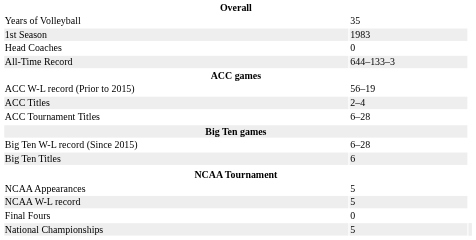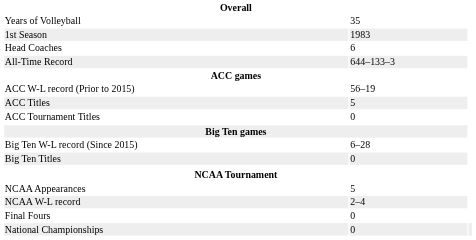 <table width=60% class="toccolours">
 <tr>
 <th colspan=2>Overall</th>
 </tr>
 <tr>
 <td>Years of Volleyball</td>
 <td>35</td>
 </tr>
 <tr bgcolor=#eeeeee>
 <td>1st Season</td>
 <td>1983</td>
 </tr>
 <tr>
 <td>Head Coaches</td>
-<td>0</td>
+<td>6</td>
 </tr>
 <tr bgcolor=#eeeeee>
 <td>All-Time Record</td>
 <td>644–133–3</td>
 </tr>
 <tr>
 <th colspan=2>ACC games</th>
 </tr>
 <tr>
 <td>ACC W-L record (Prior to 2015)</td>
 <td>56–19</td>
 </tr>
 <tr bgcolor=#eeeeee>
 <td>ACC Titles</td>
-<td>2–4</td>
+<td>5</td>
 </tr>
 <tr>
 <td>ACC Tournament Titles</td>
-<td>6–28</td>
+<td>0</td>
 </tr>
 <tr>
 </tr>
 <tr bgcolor=#eeeeee>
 <th colspan=2>Big Ten games</th>
 </tr>
 <tr>
 <td>Big Ten W-L record (Since 2015)</td>
 <td>6–28</td>
 </tr>
 <tr bgcolor=#eeeeee>
 <td>Big Ten Titles</td>
-<td>6</td>
+<td>0</td>
 </tr>
 <tr>
 </tr>
 <tr bgcolor=#eeeeee>
 </tr>
 <tr>
 <th colspan=2>NCAA Tournament</th>
 </tr>
 <tr>
 <td>NCAA Appearances</td>
 <td>5</td>
 </tr>
 <tr bgcolor=#eeeeee>
 <td>NCAA W-L record</td>
-<td>5</td>
+<td>2–4</td>
 </tr>
 <tr>
 <td>Final Fours</td>
 <td>0</td>
 </tr>
 <tr bgcolor=#eeeeee>
 <td>National Championships</td>
-<td>5</td>
+<td>0</td>
 <th colspan=2 bgcolor=#eeeeee></th>
 </tr>
 </table>
